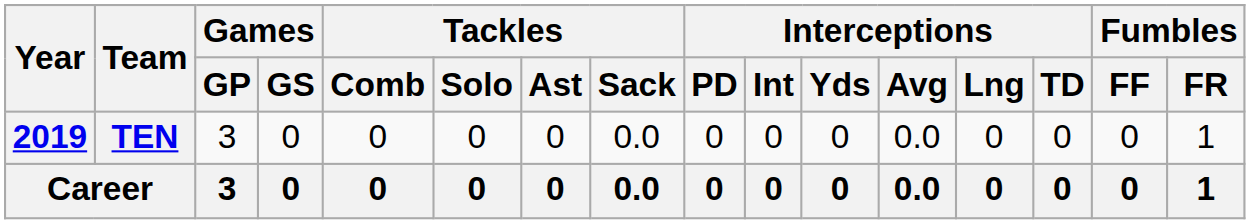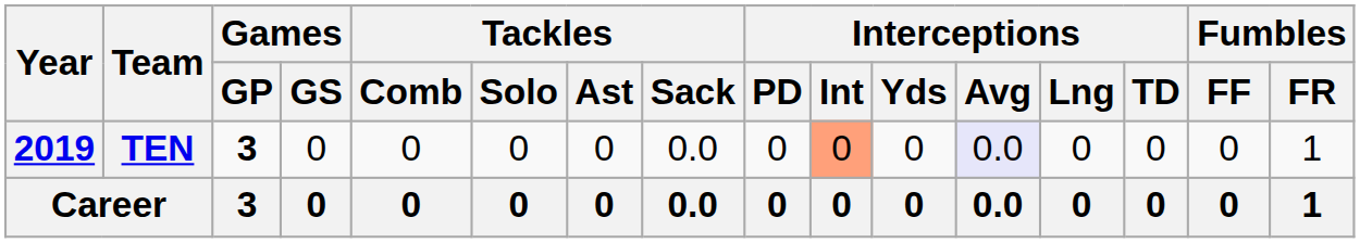 <table class="wikitable" style="text-align:center">
 <tr>
 <th rowspan="2">Year</th>
 <th rowspan="2">Team</th>
 <th colspan="2">Games</th>
 <th colspan="4">Tackles</th>
 <th colspan="6">Interceptions</th>
 <th colspan="2">Fumbles</th>
 </tr>
 <tr>
 <th>GP</th>
 <th>GS</th>
 <th>Comb</th>
 <th>Solo</th>
 <th>Ast</th>
 <th>Sack</th>
 <th>PD</th>
 <th>Int</th>
 <th>Yds</th>
 <th>Avg</th>
 <th>Lng</th>
 <th>TD</th>
 <th>FF</th>
 <th>FR</th>
 </tr>
 <tr>
 <th><a href='#'>2019</a></th>
 <th><a href='#'>TEN</a></th>
-<td>3</td>
+<td><strong>3</strong></td>
 <td>0</td>
 <td>0</td>
 <td>0</td>
 <td>0</td>
 <td>0.0</td>
 <td>0</td>
+<td style="background: lightsalmon;">0</td>
 <td>0</td>
-<td>0</td>
-<td>0.0</td>
+<td style="background: lavender;">0.0</td>
 <td>0</td>
 <td>0</td>
 <td>0</td>
 <td>1</td>
 </tr>
 <tr>
 <th colspan="2">Career</th>
 <th>3</th>
 <th>0</th>
 <th>0</th>
 <th>0</th>
 <th>0</th>
 <th>0.0</th>
 <th>0</th>
 <th>0</th>
 <th>0</th>
 <th>0.0</th>
 <th>0</th>
 <th>0</th>
 <th>0</th>
 <th>1</th>
 </tr>
 </table>
